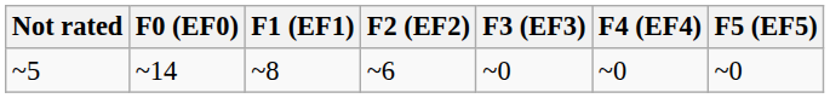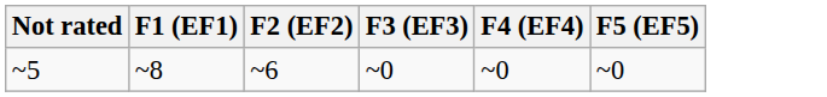 <table class="wikitable mw-collapsible">
 <tr>
 <th>Not rated</th>
-<th style="background-color:#">F0 (EF0)</th>
 <th style="background-color:#">F1 (EF1)</th>
 <th style="background-color:#">F2 (EF2)</th>
 <th style="background-color:#">F3 (EF3)</th>
 <th style="background-color:#">F4 (EF4)</th>
 <th style="background-color:#">F5 (EF5)</th>
 </tr>
 <tr>
 <td>~5</td>
-<td>~14</td>
 <td>~8</td>
 <td>~6</td>
 <td>~0</td>
 <td>~0</td>
 <td>~0</td>
 </tr>
 </table>
